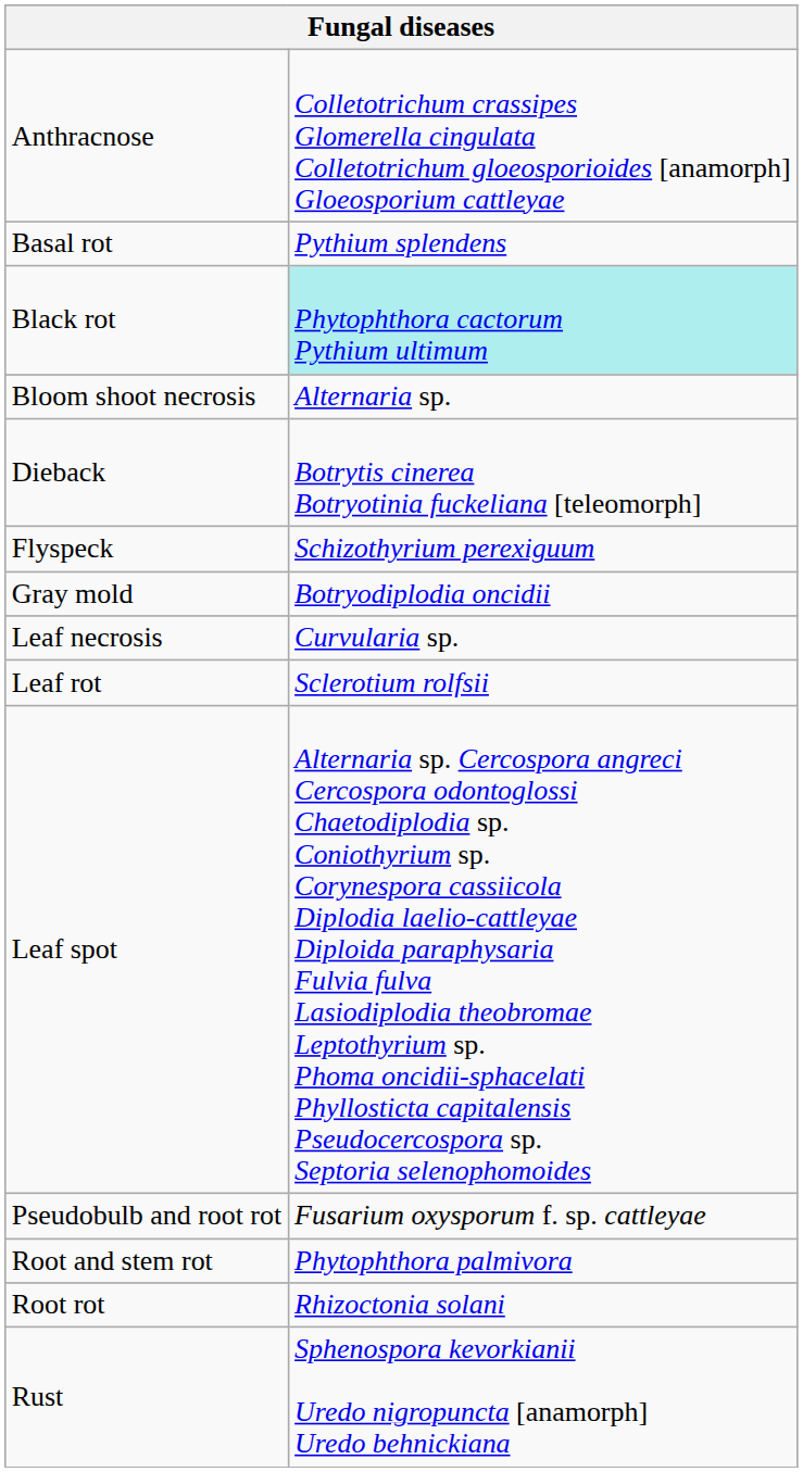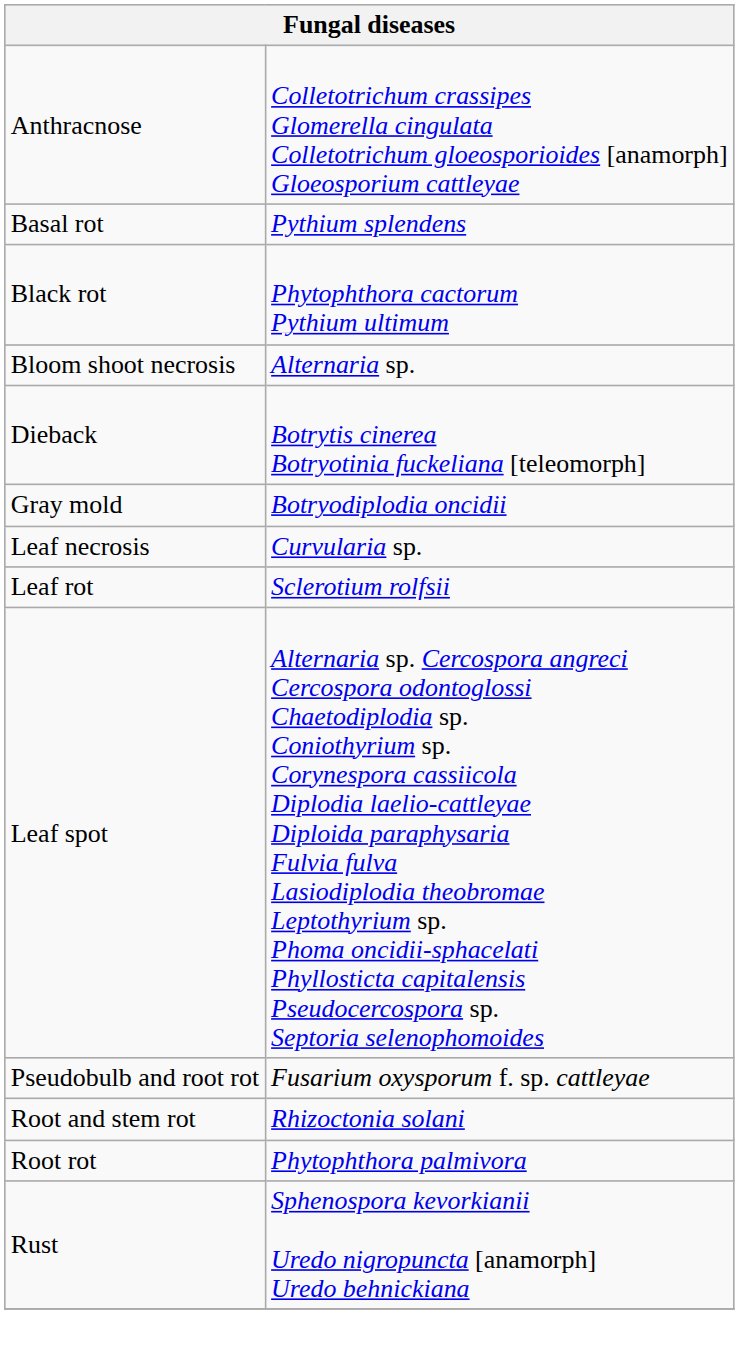 <table class="wikitable" style="clear">
 <tr>
 <th colspan=2><strong>Fungal diseases</strong><br></th>
 </tr>
 <tr>
 <td>Anthracnose</td>
 <td><br><em><a href='#'>Colletotrichum crassipes</a></em><br> <em><a href='#'>Glomerella cingulata</a></em><br> <em><a href='#'>Colletotrichum gloeosporioides</a></em> [anamorph] <br> <em><a href='#'>Gloeosporium cattleyae</a></em></td>
 </tr>
 <tr>
 <td>Basal rot</td>
 <td><em><a href='#'>Pythium splendens</a></em></td>
 </tr>
 <tr>
 <td>Black rot</td>
-<td style="background: paleturquoise;"><br><em><a href='#'>Phytophthora cactorum</a></em><br> <em><a href='#'>Pythium ultimum</a></em></td>
+<td><br><em><a href='#'>Phytophthora cactorum</a></em><br> <em><a href='#'>Pythium ultimum</a></em></td>
 </tr>
 <tr>
 <td>Bloom shoot necrosis</td>
 <td><em><a href='#'>Alternaria</a></em> sp.</td>
 </tr>
 <tr>
 <td>Dieback</td>
 <td><br><em><a href='#'>Botrytis cinerea</a></em><br> <em><a href='#'>Botryotinia fuckeliana</a></em> [teleomorph]</td>
-</tr>
-<tr>
-<td>Flyspeck</td>
-<td><em><a href='#'>Schizothyrium perexiguum</a></em></td>
 </tr>
 <tr>
 <td>Gray mold</td>
 <td><em><a href='#'>Botryodiplodia oncidii</a></em></td>
 </tr>
 <tr>
 <td>Leaf necrosis</td>
 <td><em><a href='#'>Curvularia</a></em> sp.</td>
 </tr>
 <tr>
 <td>Leaf rot</td>
 <td><em><a href='#'>Sclerotium rolfsii</a></em></td>
 </tr>
 <tr>
 <td>Leaf spot</td>
 <td><br><em><a href='#'>Alternaria</a></em> sp.  <em><a href='#'>Cercospora angreci</a></em><br> <em><a href='#'>Cercospora odontoglossi</a></em><br> <em><a href='#'>Chaetodiplodia</a></em> sp.<br>  <em><a href='#'>Coniothyrium</a></em> sp. <br> <em><a href='#'>Corynespora cassiicola</a></em><br> <em><a href='#'>Diplodia laelio-cattleyae</a></em><br> <em><a href='#'>Diploida paraphysaria</a></em><br>  <em><a href='#'>Fulvia fulva</a></em><br> <em><a href='#'>Lasiodiplodia theobromae</a></em><br> <em><a href='#'>Leptothyrium</a></em> sp. <br> <em><a href='#'>Phoma oncidii-sphacelati</a></em><br> <em><a href='#'>Phyllosticta capitalensis</a></em><br> <em><a href='#'>Pseudocercospora</a></em> sp. <br> <em><a href='#'>Septoria selenophomoides</a></em></td>
 </tr>
 <tr>
 <td>Pseudobulb and root rot</td>
 <td><em>Fusarium oxysporum</em> f. sp. <em>cattleyae</em></td>
 </tr>
 <tr>
 <td>Root and stem rot</td>
-<td><em><a href='#'>Phytophthora palmivora</a></em></td>
+<td><em><a href='#'>Rhizoctonia solani</a></em></td>
 </tr>
 <tr>
 <td>Root rot</td>
-<td><em><a href='#'>Rhizoctonia solani</a></em></td>
+<td><em><a href='#'>Phytophthora palmivora</a></em></td>
 </tr>
 <tr>
 <td>Rust</td>
 <td><em><a href='#'>Sphenospora kevorkianii</a></em><br><br><em><a href='#'>Uredo nigropuncta</a></em> [anamorph] <br> <em><a href='#'>Uredo behnickiana</a></em></td>
 </tr>
 <tr>
 </tr>
 </table>
